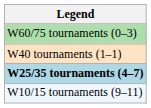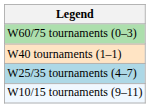 <table class=wikitable style="font-size:85%">
 <tr>
 <th>Legend</th>
 </tr>
 <tr style="background:#addfad">
 <td>W60/75 tournaments (0–3)</td>
 </tr>
 <tr style="background:#ffe4c4;">
 <td>W40 tournaments (1–1)</td>
 </tr>
 <tr style="background:lightblue;">
-<td><strong>W25/35 tournaments (4–7)</strong></td>
+<td>W25/35 tournaments (4–7)</td>
 </tr>
 <tr style="background:#f0f8ff;">
 <td>W10/15 tournaments (9–11)</td>
 </tr>
 </table>
